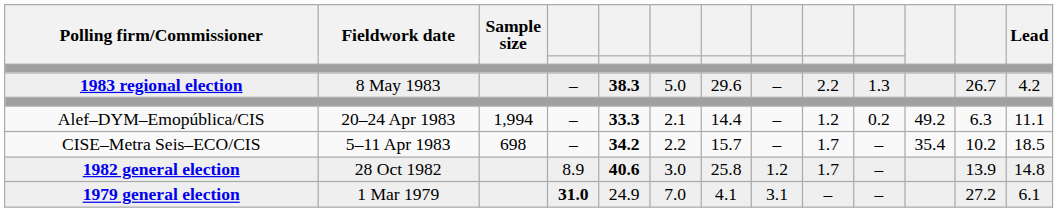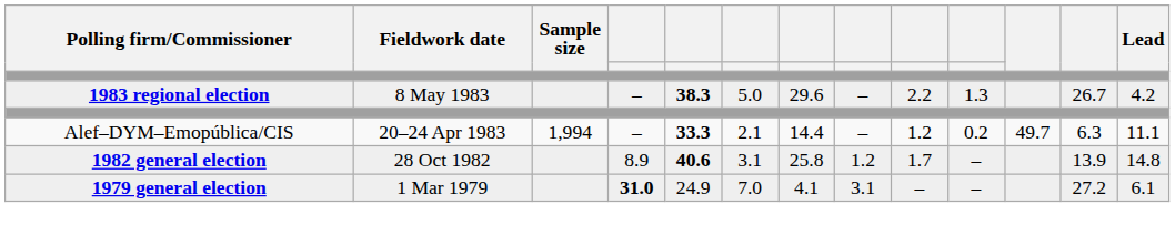 <table class="wikitable collapsible collapsed" style="text-align:center; font-size:90%; line-height:14px;">
 <tr style="height:42px;">
 <th style="width:250px;" rowspan="2">Polling firm/Commissioner</th>
 <th style="width:125px;" rowspan="2">Fieldwork date</th>
 <th style="width:50px;" rowspan="2">Sample size</th>
 <th style="width:35px;"></th>
 <th style="width:35px;"></th>
 <th style="width:35px;"></th>
 <th style="width:35px;"></th>
 <th style="width:35px;"></th>
 <th style="width:35px;"></th>
 <th style="width:35px;"></th>
 <th style="width:35px;" rowspan="2"></th>
 <th style="width:35px;" rowspan="2"></th>
 <th style="width:30px;" rowspan="2">Lead</th>
 </tr>
 <tr>
 <th style="color:inherit;background:"></th>
 <th style="color:inherit;background:"></th>
 <th style="color:inherit;background:"></th>
 <th style="color:inherit;background:"></th>
 <th style="color:inherit;background:"></th>
 <th style="color:inherit;background:"></th>
 <th style="color:inherit;background:"></th>
 </tr>
 <tr>
 <td colspan="13" style="background:#A0A0A0"></td>
 </tr>
 <tr style="background:#EFEFEF;">
 <td><strong><a href='#'>1983 regional election</a></strong></td>
 <td>8 May 1983</td>
 <td></td>
 <td>–</td>
 <td><strong>38.3</strong></td>
 <td>5.0</td>
 <td>29.6</td>
 <td>–</td>
 <td>2.2</td>
 <td>1.3</td>
 <td></td>
 <td>26.7</td>
 <td style="background:">4.2</td>
 </tr>
 <tr>
 <td colspan="13" style="background:#A0A0A0"></td>
 </tr>
 <tr>
 <td>Alef–DYM–Emopública/CIS</td>
 <td>20–24 Apr 1983</td>
 <td>1,994</td>
 <td>–</td>
 <td><strong>33.3</strong></td>
 <td>2.1</td>
 <td>14.4</td>
 <td>–</td>
 <td>1.2</td>
 <td>0.2</td>
-<td>49.2</td>
+<td>49.7</td>
 <td>6.3</td>
 <td style="background:">11.1</td>
-</tr>
-<tr>
-<td>CISE–Metra Seis–ECO/CIS</td>
-<td>5–11 Apr 1983</td>
-<td>698</td>
-<td>–</td>
-<td><strong>34.2</strong></td>
-<td>2.2</td>
-<td>15.7</td>
-<td>–</td>
-<td>1.7</td>
-<td>–</td>
-<td>35.4</td>
-<td>10.2</td>
-<td style="background:">18.5</td>
 </tr>
 <tr style="background:#EFEFEF;">
 <td><strong><a href='#'>1982 general election</a></strong></td>
 <td>28 Oct 1982</td>
 <td></td>
 <td>8.9</td>
 <td><strong>40.6</strong></td>
-<td>3.0</td>
+<td>3.1</td>
 <td>25.8</td>
 <td>1.2</td>
 <td>1.7</td>
 <td>–</td>
 <td></td>
 <td>13.9</td>
 <td style="background:">14.8</td>
 </tr>
 <tr style="background:#EFEFEF;">
 <td><strong><a href='#'>1979 general election</a></strong></td>
 <td>1 Mar 1979</td>
 <td></td>
 <td><strong>31.0</strong></td>
 <td>24.9</td>
 <td>7.0</td>
 <td>4.1</td>
 <td>3.1</td>
 <td>–</td>
 <td>–</td>
 <td></td>
 <td>27.2</td>
 <td style="background:">6.1</td>
 </tr>
 </table>
